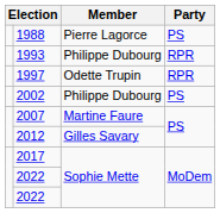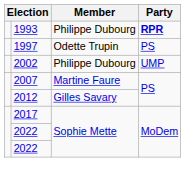 <table class="wikitable">
 <tr>
 <th colspan="2">Election</th>
 <th>Member</th>
 <th>Party</th>
 </tr>
 <tr>
 <td style="color:inherit;background-color: "></td>
-<td><a href='#'>1988</a></td>
-<td>Pierre Lagorce</td>
-<td><a href='#'>PS</a></td>
-</tr>
-<tr>
-<td style="color:inherit;background-color: "></td>
 <td><a href='#'>1993</a></td>
 <td>Philippe Dubourg</td>
-<td><a href='#'>RPR</a></td>
+<td><strong><a href='#'>RPR</a></strong></td>
 </tr>
 <tr>
 <td style="color:inherit;background-color: "></td>
 <td><a href='#'>1997</a></td>
 <td>Odette Trupin</td>
-<td><a href='#'>RPR</a></td>
+<td><a href='#'>PS</a></td>
 </tr>
 <tr>
 <td style="color:inherit;background-color: "></td>
 <td><a href='#'>2002</a></td>
 <td>Philippe Dubourg</td>
-<td><a href='#'>PS</a></td>
+<td><a href='#'>UMP</a></td>
 </tr>
 <tr>
 <td rowspan="2" style="color:inherit;background-color: "></td>
 <td><a href='#'>2007</a></td>
 <td><a href='#'>Martine Faure</a></td>
 <td rowspan="2"><a href='#'>PS</a></td>
 </tr>
 <tr>
 <td><a href='#'>2012</a></td>
 <td><a href='#'>Gilles Savary</a></td>
 </tr>
 <tr>
 <td rowspan="3" style="color:inherit;background-color: "></td>
 <td><a href='#'>2017</a></td>
 <td rowspan="3"><a href='#'>Sophie Mette</a></td>
 <td rowspan="3"><a href='#'>MoDem</a></td>
 </tr>
 <tr>
 <td><a href='#'>2022</a></td>
 </tr>
 <tr>
 <td><a href='#'>2022</a></td>
 </tr>
 </table>
